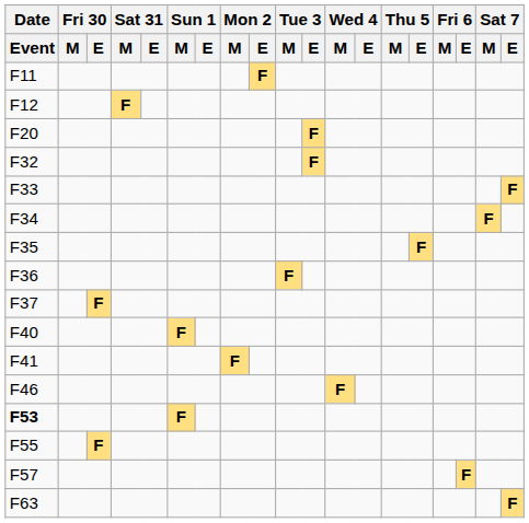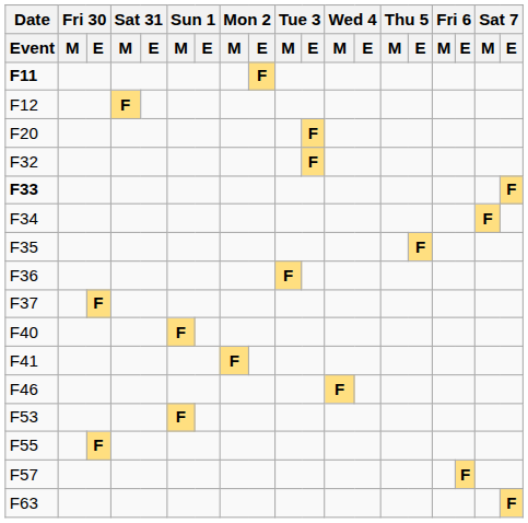 <table class="wikitable" style="margin:0.5em auto; font-size:90%; line-height:1.25em;">
 <tr>
 <th>Date</th>
 <th colspan="2">Fri 30</th>
 <th colspan="2">Sat 31</th>
 <th colspan="2">Sun 1</th>
 <th colspan="2">Mon 2</th>
 <th colspan="2">Tue 3</th>
 <th colspan="2">Wed 4</th>
 <th colspan="2">Thu 5</th>
 <th colspan="2">Fri 6</th>
 <th colspan="2">Sat 7</th>
 </tr>
 <tr>
 <th>Event</th>
 <th>M</th>
 <th>E</th>
 <th>M</th>
 <th>E</th>
 <th>M</th>
 <th>E</th>
 <th>M</th>
 <th>E</th>
 <th>M</th>
 <th>E</th>
 <th>M</th>
 <th>E</th>
 <th>M</th>
 <th>E</th>
 <th>M</th>
 <th>E</th>
 <th>M</th>
 <th>E</th>
 </tr>
 <tr align="center">
-<td align="left">F11</td>
+<td align="left"><strong>F11</strong></td>
 <td colspan="2"></td>
 <td colspan="2"></td>
 <td colspan="2"></td>
 <td></td>
 <td bgcolor="#FFDF80"><strong>F</strong></td>
 <td colspan="2"></td>
 <td colspan="2"></td>
 <td colspan="2"></td>
 <td colspan="2"></td>
 <td colspan="2"></td>
 </tr>
 <tr align="center">
 <td align="left">F12</td>
 <td colspan="2"></td>
 <td bgcolor="#FFDF80"><strong>F</strong></td>
 <td></td>
 <td colspan="2"></td>
 <td colspan="2"></td>
 <td colspan="2"></td>
 <td colspan="2"></td>
 <td colspan="2"></td>
 <td colspan="2"></td>
 <td colspan="2"></td>
 </tr>
 <tr align="center">
 <td align="left">F20</td>
 <td colspan="2"></td>
 <td colspan="2"></td>
 <td colspan="2"></td>
 <td colspan="2"></td>
 <td></td>
 <td bgcolor="#FFDF80"><strong>F</strong></td>
 <td colspan="2"></td>
 <td colspan="2"></td>
 <td colspan="2"></td>
 <td colspan="2"></td>
 </tr>
 <tr align="center">
 <td align="left">F32</td>
 <td colspan="2"></td>
 <td colspan="2"></td>
 <td colspan="2"></td>
 <td colspan="2"></td>
 <td></td>
 <td bgcolor="#FFDF80"><strong>F</strong></td>
 <td colspan="2"></td>
 <td colspan="2"></td>
 <td colspan="2"></td>
 <td colspan="2"></td>
 </tr>
 <tr align="center">
-<td align="left">F33</td>
+<td align="left"><strong>F33</strong></td>
 <td colspan="2"></td>
 <td colspan="2"></td>
 <td colspan="2"></td>
 <td colspan="2"></td>
 <td colspan="2"></td>
 <td colspan="2"></td>
 <td colspan="2"></td>
 <td colspan="2"></td>
 <td></td>
 <td bgcolor="#FFDF80"><strong>F</strong></td>
 </tr>
 <tr align="center">
 <td align="left">F34</td>
 <td colspan="2"></td>
 <td colspan="2"></td>
 <td colspan="2"></td>
 <td colspan="2"></td>
 <td colspan="2"></td>
 <td colspan="2"></td>
 <td colspan="2"></td>
 <td colspan="2"></td>
 <td bgcolor="#FFDF80"><strong>F</strong></td>
 <td></td>
 </tr>
 <tr align="center">
 <td align="left">F35</td>
 <td colspan="2"></td>
 <td colspan="2"></td>
 <td colspan="2"></td>
 <td colspan="2"></td>
 <td colspan="2"></td>
 <td colspan="2"></td>
 <td></td>
 <td bgcolor="#FFDF80"><strong>F</strong></td>
 <td colspan="2"></td>
 <td colspan="2"></td>
 </tr>
 <tr align="center">
 <td align="left">F36</td>
 <td colspan="2"></td>
 <td colspan="2"></td>
 <td colspan="2"></td>
 <td colspan="2"></td>
 <td bgcolor="#FFDF80"><strong>F</strong></td>
 <td></td>
 <td colspan="2"></td>
 <td colspan="2"></td>
 <td colspan="2"></td>
 <td colspan="2"></td>
 </tr>
 <tr align="center">
 <td align="left">F37</td>
 <td></td>
 <td bgcolor="#FFDF80"><strong>F</strong></td>
 <td colspan="2"></td>
 <td colspan="2"></td>
 <td colspan="2"></td>
 <td colspan="2"></td>
 <td colspan="2"></td>
 <td colspan="2"></td>
 <td colspan="2"></td>
 <td colspan="2"></td>
 </tr>
 <tr align="center">
 <td align="left">F40</td>
 <td colspan="2"></td>
 <td colspan="2"></td>
 <td bgcolor="#FFDF80"><strong>F</strong></td>
 <td></td>
 <td colspan="2"></td>
 <td colspan="2"></td>
 <td colspan="2"></td>
 <td colspan="2"></td>
 <td colspan="2"></td>
 <td colspan="2"></td>
 </tr>
 <tr align="center">
 <td align="left">F41</td>
 <td colspan="2"></td>
 <td colspan="2"></td>
 <td colspan="2"></td>
 <td bgcolor="#FFDF80"><strong>F</strong></td>
 <td></td>
 <td colspan="2"></td>
 <td colspan="2"></td>
 <td colspan="2"></td>
 <td colspan="2"></td>
 <td colspan="2"></td>
 </tr>
 <tr align="center">
 <td align="left">F46</td>
 <td colspan="2"></td>
 <td colspan="2"></td>
 <td colspan="2"></td>
 <td colspan="2"></td>
 <td colspan="2"></td>
 <td bgcolor="#FFDF80"><strong>F</strong></td>
 <td></td>
 <td colspan="2"></td>
 <td colspan="2"></td>
 <td colspan="2"></td>
 </tr>
 <tr align="center">
-<td align="left"><strong>F53</strong></td>
+<td align="left">F53</td>
 <td colspan="2"></td>
 <td colspan="2"></td>
 <td bgcolor="#FFDF80"><strong>F</strong></td>
 <td></td>
 <td colspan="2"></td>
 <td colspan="2"></td>
 <td colspan="2"></td>
 <td colspan="2"></td>
 <td colspan="2"></td>
 <td colspan="2"></td>
 </tr>
 <tr align="center">
 <td align="left">F55</td>
 <td></td>
 <td bgcolor="#FFDF80"><strong>F</strong></td>
 <td colspan="2"></td>
 <td colspan="2"></td>
 <td colspan="2"></td>
 <td colspan="2"></td>
 <td colspan="2"></td>
 <td colspan="2"></td>
 <td colspan="2"></td>
 <td colspan="2"></td>
 </tr>
 <tr align="center">
 <td align="left">F57</td>
 <td colspan="2"></td>
 <td colspan="2"></td>
 <td colspan="2"></td>
 <td colspan="2"></td>
 <td colspan="2"></td>
 <td colspan="2"></td>
 <td colspan="2"></td>
 <td></td>
 <td bgcolor="#FFDF80"><strong>F</strong></td>
 <td colspan="2"></td>
 </tr>
 <tr align="center">
 <td align="left">F63</td>
 <td colspan="2"></td>
 <td colspan="2"></td>
 <td colspan="2"></td>
 <td colspan="2"></td>
 <td colspan="2"></td>
 <td colspan="2"></td>
 <td colspan="2"></td>
 <td colspan="2"></td>
 <td></td>
 <td bgcolor="#FFDF80"><strong>F</strong></td>
 </tr>
 </table>
